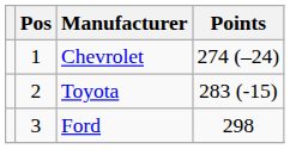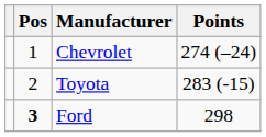 <table class="wikitable" style="font-size: 95%;">
 <tr>
 <th></th>
 <th>Pos</th>
 <th>Manufacturer</th>
 <th>Points</th>
 </tr>
 <tr>
 <td align="left"></td>
 <td style="text-align:center;">1</td>
 <td><a href='#'>Chevrolet</a></td>
 <td style="text-align:center;">274 (–24)</td>
 </tr>
 <tr>
 <td align="left"></td>
 <td style="text-align:center;">2</td>
 <td><a href='#'>Toyota</a></td>
 <td style="text-align:center;">283 (-15)</td>
 </tr>
 <tr>
 <td align="left"></td>
-<td style="text-align:center;">3</td>
+<td style="text-align:center;"><strong>3</strong></td>
 <td><a href='#'>Ford</a></td>
 <td style="text-align:center;">298</td>
 </tr>
 <tr class="sortbottom">
 </tr>
 </table>
